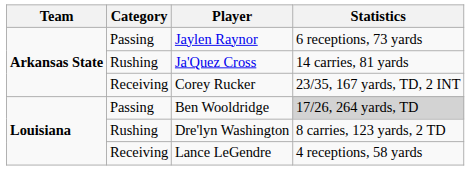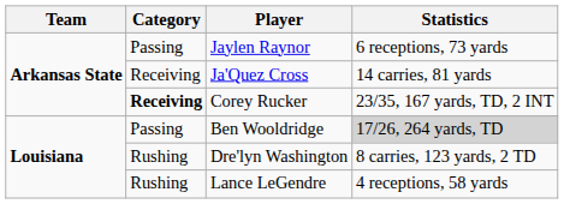 <table class="wikitable" style="float: right;">
 <tr>
 <th>Team</th>
 <th>Category</th>
 <th>Player</th>
 <th>Statistics</th>
 </tr>
 <tr>
 <td rowspan=3><strong>Arkansas State</strong></td>
 <td>Passing</td>
 <td><a href='#'>Jaylen Raynor</a></td>
 <td>6 receptions, 73 yards</td>
 </tr>
 <tr>
-<td>Rushing</td>
+<td>Receiving</td>
 <td><a href='#'>Ja'Quez Cross</a></td>
 <td>14 carries, 81 yards</td>
 </tr>
 <tr>
-<td>Receiving</td>
+<td><strong>Receiving</strong></td>
 <td>Corey Rucker</td>
 <td>23/35, 167 yards, TD, 2 INT</td>
 </tr>
 <tr>
 <td rowspan=3><strong>Louisiana</strong></td>
 <td>Passing</td>
 <td>Ben Wooldridge</td>
 <td style="background: lightgrey;">17/26, 264 yards, TD</td>
 </tr>
 <tr>
 <td>Rushing</td>
 <td>Dre'lyn Washington</td>
 <td>8 carries, 123 yards, 2 TD</td>
 </tr>
 <tr>
-<td>Receiving</td>
+<td>Rushing</td>
 <td>Lance LeGendre</td>
 <td>4 receptions, 58 yards</td>
 </tr>
 </table>
